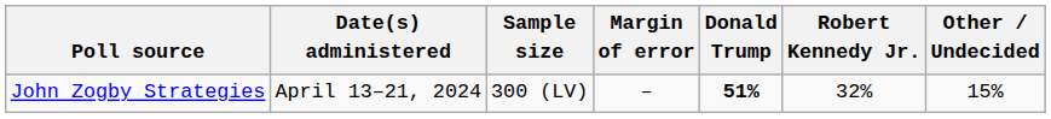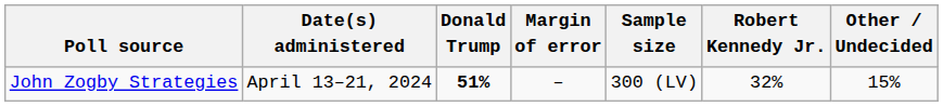 <table class="wikitable sortable mw-datatable" style="font-size:90%;text-align:center;line-height:17px">
 <tr valign=bottom>
 <th>Poll source</th>
 <th>Date(s)<br>administered</th>
+<th class="unsortable">Donald<br>Trump<br></th>
+<th>Margin<br>of error</th>
 <th>Sample<br>size</th>
-<th>Margin<br>of error</th>
-<th class="unsortable">Donald<br>Trump<br></th>
 <th class="unsortable">Robert<br>Kennedy Jr.<br></th>
 <th class="unsortable">Other /<br>Undecided</th>
 </tr>
 <tr>
 <td style="text-align:left;"><a href='#'>John Zogby Strategies</a></td>
 <td data-sort-value="2024-05-01">April 13–21, 2024</td>
+<td style="background-color:"><strong>51%</strong></td>
+<td>–</td>
 <td>300 (LV)</td>
-<td>–</td>
-<td style="background-color:"><strong>51%</strong></td>
 <td>32%</td>
 <td>15%</td>
 </tr>
 </table>
